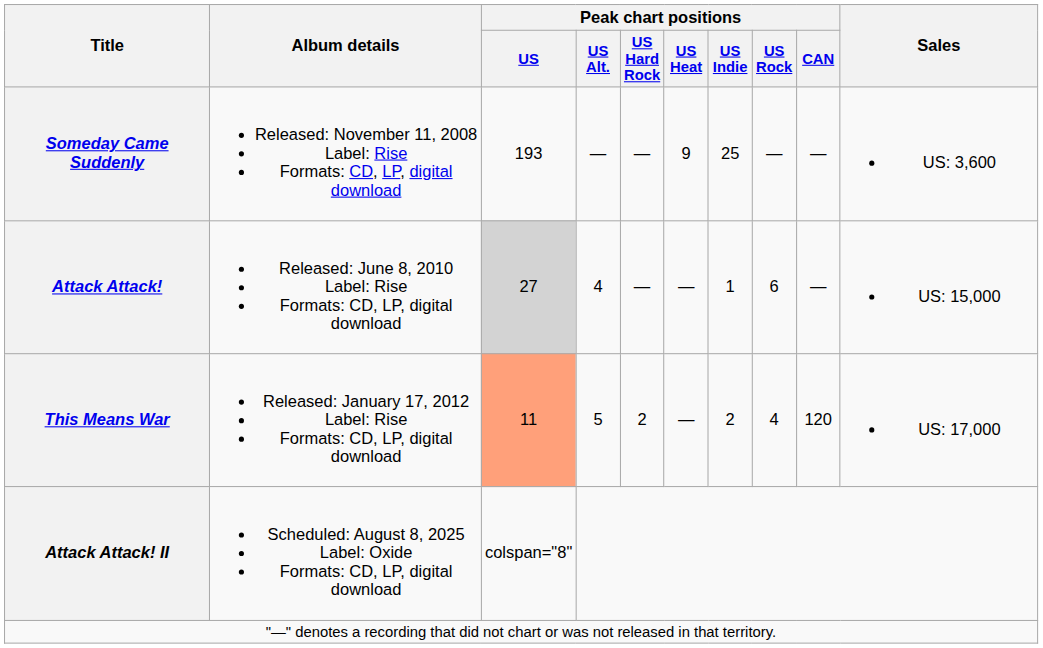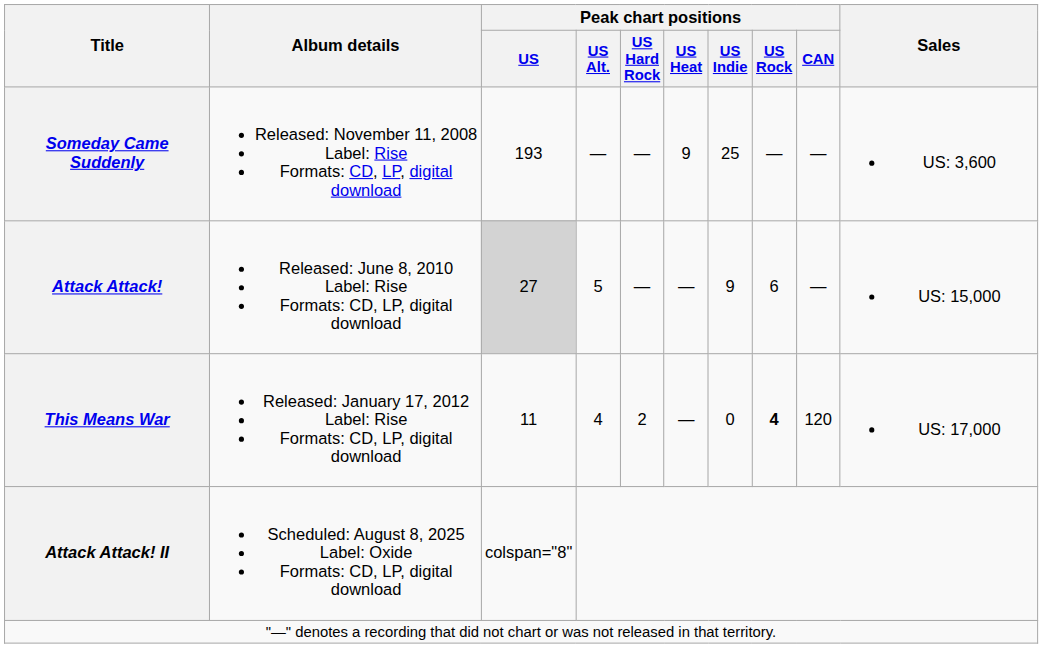 <table class="wikitable plainrowheaders" style="text-align:center;">
 <tr>
 <th scope="col" rowspan="2" style="width:12em;">Title</th>
 <th scope="col" rowspan="2" style="width:16em;">Album details</th>
 <th scope="col" colspan="7">Peak chart positions</th>
 <th scope="col" rowspan="2" style="width:11.5em;">Sales</th>
 </tr>
 <tr>
 <th scope="col" style="width:2.5em;font-size:90%;"><a href='#'>US</a><br></th>
 <th scope="col" style="width:2.5em;font-size:90%;"><a href='#'>US Alt.</a><br></th>
 <th scope="col" style="width:2.5em;font-size:90%;"><a href='#'>US<br>Hard<br>Rock</a><br></th>
 <th scope="col" style="width:2.5em;font-size:90%;"><a href='#'>US Heat</a><br></th>
 <th scope="col" style="width:2.5em;font-size:90%;"><a href='#'>US<br>Indie</a><br></th>
 <th scope="col" style="width:2.5em;font-size:90%;"><a href='#'>US Rock</a><br></th>
 <th scope="col" style="width:2.5em;font-size:90%;"><a href='#'>CAN</a><br></th>
 </tr>
 <tr>
 <th scope="row"><em><a href='#'>Someday Came Suddenly</a></em></th>
 <td><br><ul><li>Released: November 11, 2008</li><li>Label: <a href='#'>Rise</a></li><li>Formats: <a href='#'>CD</a>, <a href='#'>LP</a>, <a href='#'>digital download</a></li></ul></td>
 <td>193</td>
 <td>—</td>
 <td>—</td>
 <td>9</td>
 <td>25</td>
 <td>—</td>
 <td>—</td>
 <td><br><ul><li>US: 3,600</li></ul></td>
 </tr>
 <tr>
 <th scope="row"><em><a href='#'>Attack Attack!</a></em></th>
 <td><br><ul><li>Released: June 8, 2010</li><li>Label: Rise</li><li>Formats: CD, LP, digital download</li></ul></td>
 <td style="background: lightgrey;">27</td>
-<td>4</td>
+<td>5</td>
 <td>—</td>
 <td>—</td>
-<td>1</td>
+<td>9</td>
 <td>6</td>
 <td>—</td>
 <td><br><ul><li>US: 15,000</li></ul></td>
 </tr>
 <tr>
 <th scope="row"><em><a href='#'>This Means War</a></em></th>
 <td><br><ul><li>Released: January 17, 2012</li><li>Label: Rise</li><li>Formats: CD, LP, digital download</li></ul></td>
-<td style="background: lightsalmon;">11</td>
-<td>5</td>
+<td>11</td>
+<td>4</td>
 <td>2</td>
 <td>—</td>
-<td>2</td>
-<td>4</td>
+<td>0</td>
+<td><strong>4</strong></td>
 <td>120</td>
 <td><br><ul><li>US: 17,000</li></ul></td>
 </tr>
 <tr>
 <th scope="row"><em>Attack Attack! II</em></th>
 <td><br><ul><li>Scheduled: August 8, 2025</li><li>Label: Oxide</li><li>Formats: CD, LP, digital download</li></ul></td>
 <td>colspan="8" </td>
 </tr>
 <tr>
 <td colspan="12" style="font-size:90%">"—" denotes a recording that did not chart or was not released in that territory.</td>
 </tr>
 </table>
